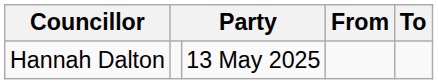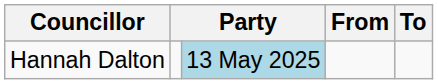 <table class=wikitable>
 <tr>
 <th>Councillor</th>
 <th colspan=2>Party</th>
 <th>From</th>
 <th>To</th>
 </tr>
 <tr>
 <td>Hannah Dalton</td>
 <td></td>
-<td align=right>13 May 2025</td>
+<td align=right style="background: lightblue;">13 May 2025</td>
 <td align=right></td>
 </tr>
 </table>
